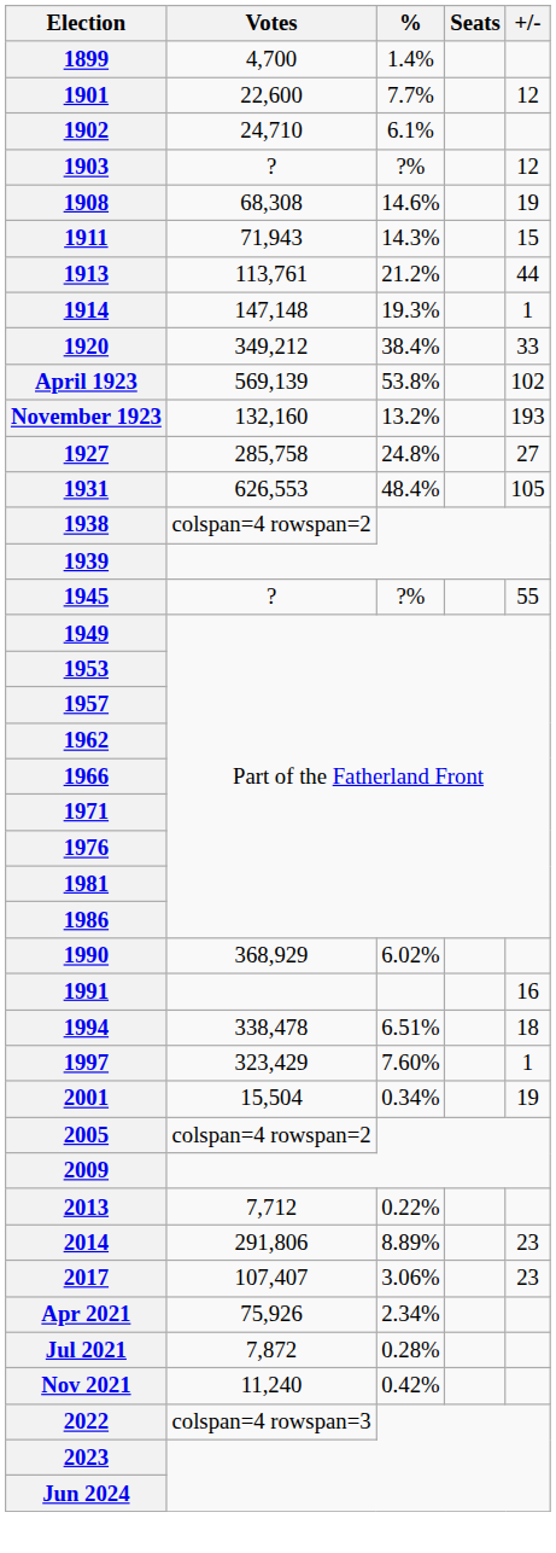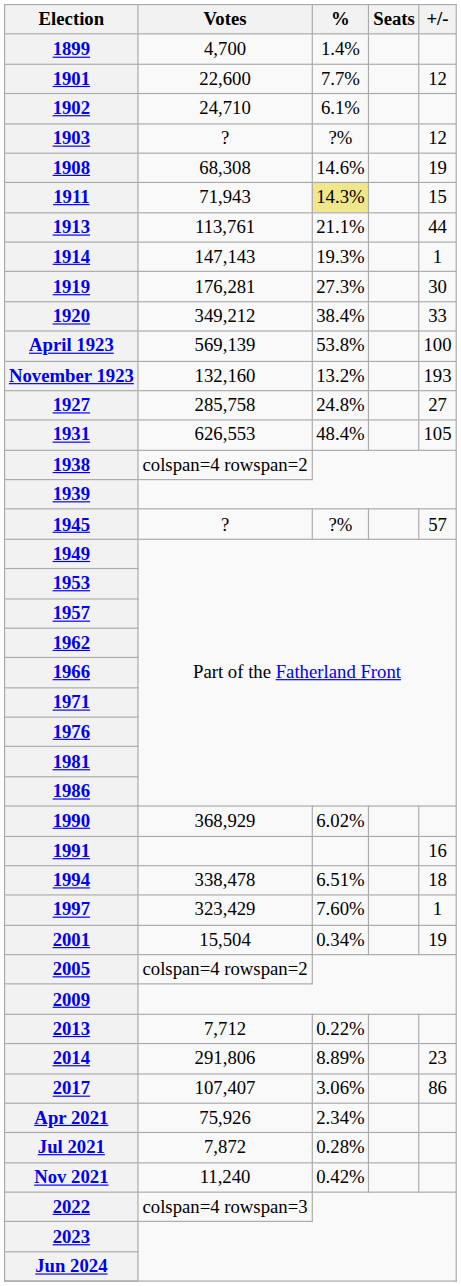 <table class="wikitable" style="text-align:center">
 <tr>
 <th>Election</th>
 <th>Votes</th>
 <th>%</th>
 <th>Seats</th>
 <th>+/-</th>
 </tr>
 <tr>
 <th><a href='#'>1899</a></th>
 <td>4,700</td>
 <td>1.4%</td>
 <td></td>
 <td></td>
 </tr>
 <tr>
 <th><a href='#'>1901</a></th>
 <td>22,600</td>
 <td>7.7%</td>
 <td></td>
 <td> 12</td>
 </tr>
 <tr>
 <th><a href='#'>1902</a></th>
 <td>24,710</td>
 <td>6.1%</td>
 <td></td>
 <td></td>
 </tr>
 <tr>
 <th><a href='#'>1903</a></th>
 <td>?</td>
 <td>?%</td>
 <td></td>
 <td> 12</td>
 </tr>
 <tr>
 <th><a href='#'>1908</a></th>
 <td>68,308</td>
 <td>14.6%</td>
 <td></td>
 <td> 19</td>
 </tr>
 <tr>
 <th><a href='#'>1911</a></th>
 <td>71,943</td>
-<td>14.3%</td>
+<td style="background: khaki;">14.3%</td>
 <td></td>
 <td> 15</td>
 </tr>
 <tr>
 <th><a href='#'>1913</a></th>
 <td>113,761</td>
-<td>21.2%</td>
+<td>21.1%</td>
 <td></td>
 <td> 44</td>
 </tr>
 <tr>
 <th><a href='#'>1914</a></th>
-<td>147,148</td>
+<td>147,143</td>
 <td>19.3%</td>
 <td></td>
 <td> 1</td>
+</tr>
+<tr>
+<th><a href='#'>1919</a></th>
+<td>176,281</td>
+<td>27.3%</td>
+<td></td>
+<td> 30</td>
 </tr>
 <tr>
 <th><a href='#'>1920</a></th>
 <td>349,212</td>
 <td>38.4%</td>
 <td></td>
 <td> 33</td>
 </tr>
 <tr>
 <th><a href='#'>April 1923</a></th>
 <td>569,139</td>
 <td>53.8%</td>
 <td></td>
-<td> 102</td>
+<td> 100</td>
 </tr>
 <tr>
 <th><a href='#'>November 1923</a></th>
 <td>132,160</td>
 <td>13.2%</td>
 <td></td>
 <td> 193</td>
 </tr>
 <tr>
 <th><a href='#'>1927</a></th>
 <td>285,758</td>
 <td>24.8%</td>
 <td></td>
 <td> 27</td>
 </tr>
 <tr>
 <th><a href='#'>1931</a></th>
 <td>626,553</td>
 <td>48.4%</td>
 <td></td>
 <td> 105</td>
 </tr>
 <tr>
 <th><a href='#'>1938</a></th>
 <td>colspan=4 rowspan=2 </td>
 </tr>
 <tr>
 <th><a href='#'>1939</a></th>
 </tr>
 <tr>
 <th><a href='#'>1945</a></th>
 <td>?</td>
 <td>?%</td>
 <td></td>
-<td> 55</td>
+<td> 57</td>
 </tr>
 <tr>
 <th><a href='#'>1949</a></th>
 <td colspan=4 rowspan=9>Part of the <a href='#'>Fatherland Front</a></td>
 </tr>
 <tr>
 <th><a href='#'>1953</a></th>
 </tr>
 <tr>
 <th><a href='#'>1957</a></th>
 </tr>
 <tr>
 <th><a href='#'>1962</a></th>
 </tr>
 <tr>
 <th><a href='#'>1966</a></th>
 </tr>
 <tr>
 <th><a href='#'>1971</a></th>
 </tr>
 <tr>
 <th><a href='#'>1976</a></th>
 </tr>
 <tr>
 <th><a href='#'>1981</a></th>
 </tr>
 <tr>
 <th><a href='#'>1986</a></th>
 </tr>
 <tr>
 <th><a href='#'>1990</a></th>
 <td>368,929</td>
 <td>6.02%</td>
 <td></td>
 <td></td>
 </tr>
 <tr>
 <th><a href='#'>1991</a></th>
 <td></td>
 <td></td>
 <td></td>
 <td> 16</td>
 </tr>
 <tr>
 <th><a href='#'>1994</a></th>
 <td>338,478</td>
 <td>6.51%</td>
 <td></td>
 <td> 18</td>
 </tr>
 <tr>
 <th><a href='#'>1997</a></th>
 <td>323,429</td>
 <td>7.60%</td>
 <td></td>
 <td> 1</td>
 </tr>
 <tr>
 <th><a href='#'>2001</a></th>
 <td>15,504</td>
 <td>0.34%</td>
 <td></td>
 <td> 19</td>
 </tr>
 <tr>
 <th><a href='#'>2005</a></th>
 <td>colspan=4 rowspan=2 </td>
 </tr>
 <tr>
 <th><a href='#'>2009</a></th>
 </tr>
 <tr>
 <th><a href='#'>2013</a></th>
 <td>7,712</td>
 <td>0.22%</td>
 <td></td>
 <td></td>
 </tr>
 <tr>
 <th><a href='#'>2014</a></th>
 <td>291,806</td>
 <td>8.89%</td>
 <td></td>
 <td> 23</td>
 </tr>
 <tr>
 <th><a href='#'>2017</a></th>
 <td>107,407</td>
 <td>3.06%</td>
 <td></td>
-<td> 23</td>
+<td> 86</td>
 </tr>
 <tr>
 <th><a href='#'>Apr 2021</a></th>
 <td>75,926</td>
 <td>2.34%</td>
 <td></td>
 <td></td>
 </tr>
 <tr>
 <th><a href='#'>Jul 2021</a></th>
 <td>7,872</td>
 <td>0.28%</td>
 <td></td>
 <td></td>
 </tr>
 <tr>
 <th><a href='#'>Nov 2021</a></th>
 <td>11,240</td>
 <td>0.42%</td>
 <td></td>
 <td></td>
 </tr>
 <tr>
 <th><a href='#'>2022</a></th>
 <td>colspan=4 rowspan=3 </td>
 </tr>
 <tr>
 <th><a href='#'>2023</a></th>
 </tr>
 <tr>
 <th><a href='#'>Jun 2024</a></th>
 </tr>
 <tr>
 </tr>
 </table>
